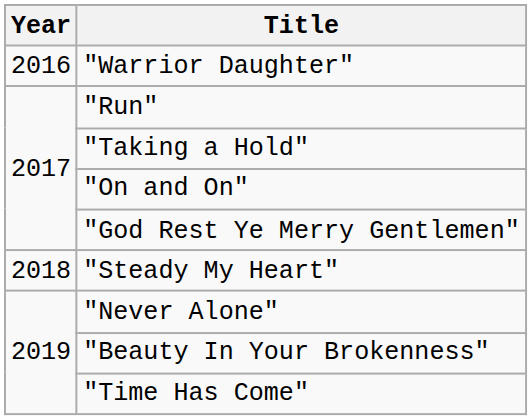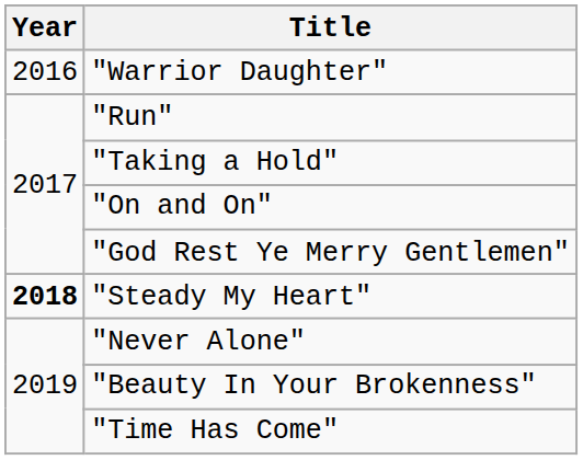 <table class="wikitable">
 <tr>
 <th>Year</th>
 <th>Title</th>
 </tr>
 <tr>
 <td>2016</td>
 <td>"Warrior Daughter"</td>
 </tr>
 <tr>
 <td rowspan="4">2017</td>
 <td>"Run"</td>
 </tr>
 <tr>
 <td>"Taking a Hold"</td>
 </tr>
 <tr>
 <td>"On and On"</td>
 </tr>
 <tr>
 <td>"God Rest Ye Merry Gentlemen"</td>
 </tr>
 <tr>
-<td>2018</td>
+<td><strong>2018</strong></td>
 <td>"Steady My Heart"</td>
 </tr>
 <tr>
 <td rowspan="3">2019</td>
 <td>"Never Alone"</td>
 </tr>
 <tr>
 <td>"Beauty In Your Brokenness"</td>
 </tr>
 <tr>
 <td>"Time Has Come"</td>
 </tr>
 </table>
